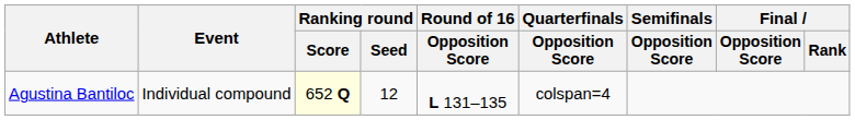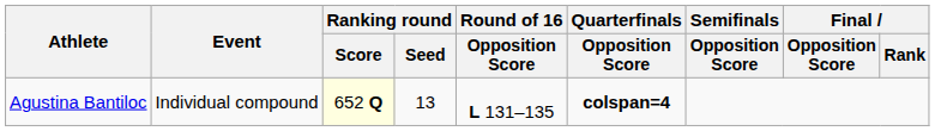 <table class="wikitable" style="font-size:90%">
 <tr>
 <th rowspan=2>Athlete</th>
 <th rowspan=2>Event</th>
 <th colspan=2>Ranking round</th>
 <th>Round of 16</th>
 <th>Quarterfinals</th>
 <th>Semifinals</th>
 <th colspan=2>Final / </th>
 </tr>
 <tr style="font-size:95%">
 <th>Score</th>
 <th>Seed</th>
 <th>Opposition<br>Score</th>
 <th>Opposition<br>Score</th>
 <th>Opposition<br>Score</th>
 <th>Opposition<br>Score</th>
 <th>Rank</th>
 </tr>
 <tr align=center>
 <td align=left><a href='#'>Agustina Bantiloc</a></td>
 <td align=left>Individual compound</td>
 <td style="background: lightyellow;">652 <strong>Q</strong></td>
-<td>12</td>
+<td>13</td>
 <td><br><strong>L</strong> 131–135</td>
-<td>colspan=4 </td>
+<td><strong>colspan=4 </strong></td>
 </tr>
 </table>
